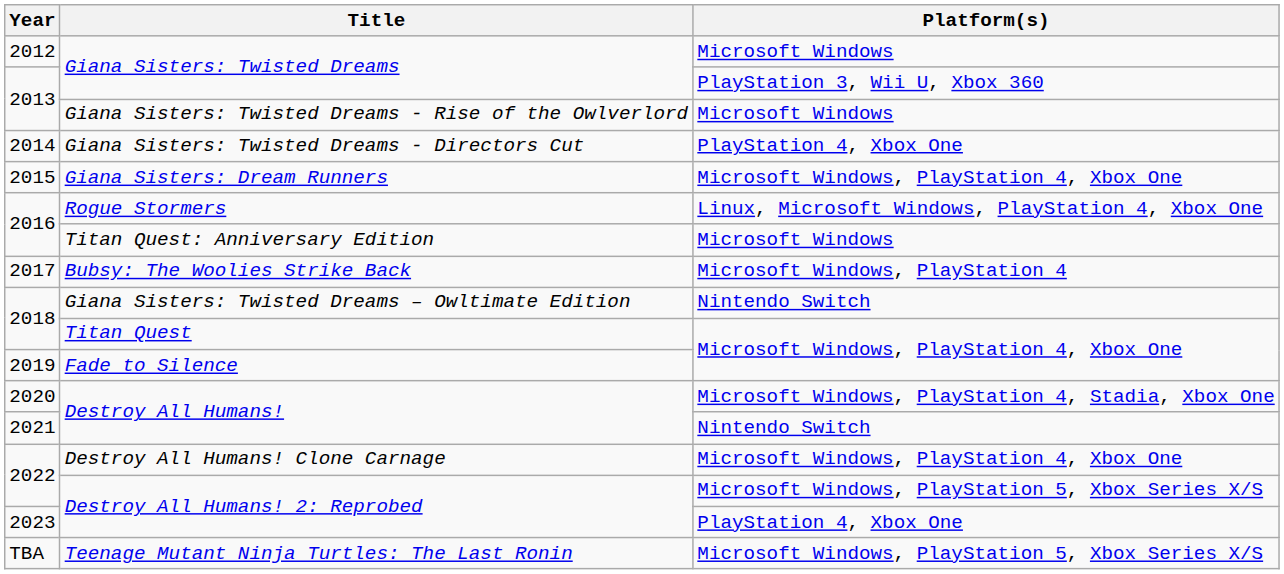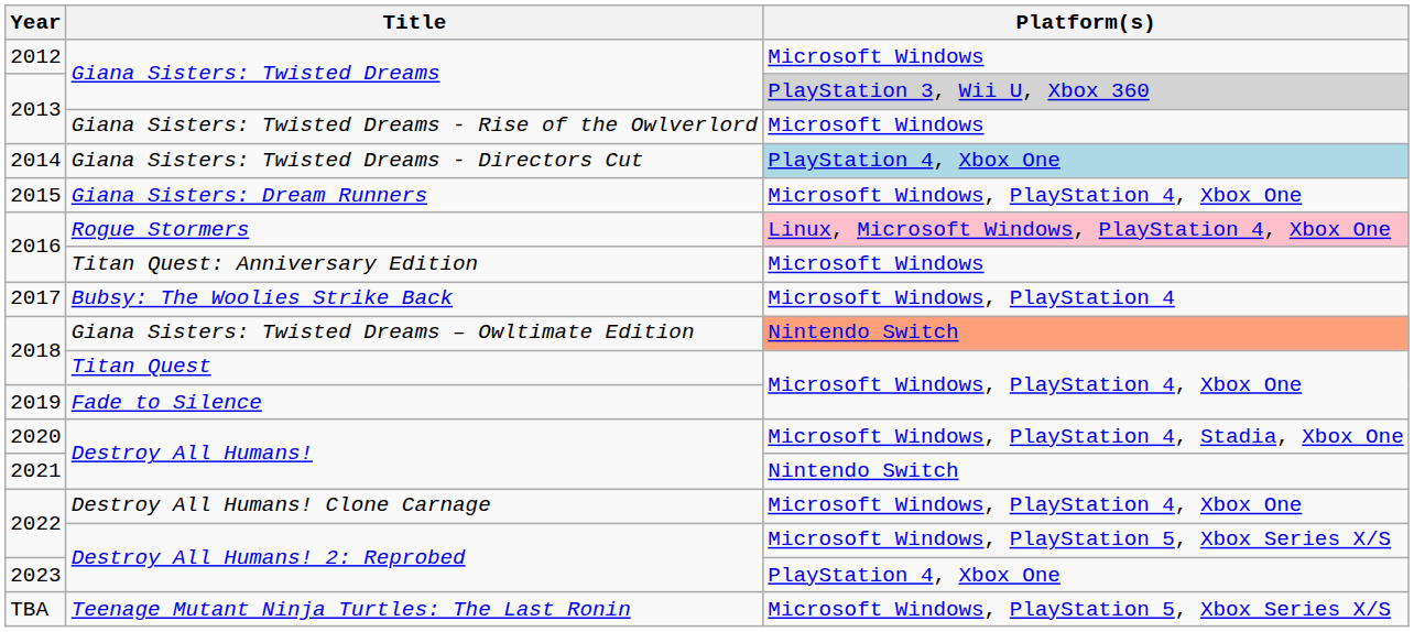 <table class="wikitable sortable">
 <tr>
 <th>Year</th>
 <th>Title</th>
 <th>Platform(s)</th>
 </tr>
 <tr>
 <td>2012</td>
 <td rowspan="2"><em><a href='#'>Giana Sisters: Twisted Dreams</a></em></td>
 <td><a href='#'>Microsoft Windows</a></td>
 </tr>
 <tr>
 <td rowspan="2">2013</td>
-<td><a href='#'>PlayStation 3</a>, <a href='#'>Wii U</a>, <a href='#'>Xbox 360</a></td>
+<td style="background: lightgrey;"><a href='#'>PlayStation 3</a>, <a href='#'>Wii U</a>, <a href='#'>Xbox 360</a></td>
 </tr>
 <tr>
 <td><em>Giana Sisters: Twisted Dreams - Rise of the Owlverlord</em></td>
 <td><a href='#'>Microsoft Windows</a></td>
 </tr>
 <tr>
 <td>2014</td>
 <td><em>Giana Sisters: Twisted Dreams - Directors Cut</em></td>
-<td><a href='#'>PlayStation 4</a>, <a href='#'>Xbox One</a></td>
+<td style="background: lightblue;"><a href='#'>PlayStation 4</a>, <a href='#'>Xbox One</a></td>
 </tr>
 <tr>
 <td>2015</td>
 <td><em><a href='#'>Giana Sisters: Dream Runners</a></em></td>
 <td><a href='#'>Microsoft Windows</a>, <a href='#'>PlayStation 4</a>, <a href='#'>Xbox One</a></td>
 </tr>
 <tr>
 <td rowspan="2">2016</td>
 <td><em><a href='#'>Rogue Stormers</a></em></td>
-<td><a href='#'>Linux</a>, <a href='#'>Microsoft Windows</a>, <a href='#'>PlayStation 4</a>, <a href='#'>Xbox One</a></td>
+<td style="background: pink;"><a href='#'>Linux</a>, <a href='#'>Microsoft Windows</a>, <a href='#'>PlayStation 4</a>, <a href='#'>Xbox One</a></td>
 </tr>
 <tr>
 <td><em>Titan Quest: Anniversary Edition</em></td>
 <td><a href='#'>Microsoft Windows</a></td>
 </tr>
 <tr>
 <td>2017</td>
 <td><em><a href='#'>Bubsy: The Woolies Strike Back</a></em></td>
 <td><a href='#'>Microsoft Windows</a>, <a href='#'>PlayStation 4</a></td>
 </tr>
 <tr>
 <td rowspan="2">2018</td>
 <td><em>Giana Sisters: Twisted Dreams – Owltimate Edition</em></td>
-<td><a href='#'>Nintendo Switch</a></td>
+<td style="background: lightsalmon;"><a href='#'>Nintendo Switch</a></td>
 </tr>
 <tr>
 <td><em><a href='#'>Titan Quest</a></em></td>
 <td rowspan="2"><a href='#'>Microsoft Windows</a>, <a href='#'>PlayStation 4</a>, <a href='#'>Xbox One</a></td>
 </tr>
 <tr>
 <td>2019</td>
 <td><em><a href='#'>Fade to Silence</a></em></td>
 </tr>
 <tr>
 <td>2020</td>
 <td rowspan="2"><em><a href='#'>Destroy All Humans!</a></em></td>
 <td><a href='#'>Microsoft Windows</a>, <a href='#'>PlayStation 4</a>, <a href='#'>Stadia</a>, <a href='#'>Xbox One</a></td>
 </tr>
 <tr>
 <td>2021</td>
 <td><a href='#'>Nintendo Switch</a></td>
 </tr>
 <tr>
 <td rowspan="2">2022</td>
 <td><em>Destroy All Humans! Clone Carnage</em></td>
 <td><a href='#'>Microsoft Windows</a>, <a href='#'>PlayStation 4</a>, <a href='#'>Xbox One</a></td>
 </tr>
 <tr>
 <td rowspan="2"><em><a href='#'>Destroy All Humans! 2: Reprobed</a></em></td>
 <td><a href='#'>Microsoft Windows</a>, <a href='#'>PlayStation 5</a>, <a href='#'>Xbox Series X/S</a></td>
 </tr>
 <tr>
 <td>2023</td>
 <td><a href='#'>PlayStation 4</a>, <a href='#'>Xbox One</a></td>
 </tr>
 <tr>
 <td>TBA</td>
 <td><em><a href='#'>Teenage Mutant Ninja Turtles: The Last Ronin</a></em></td>
 <td><a href='#'>Microsoft Windows</a>, <a href='#'>PlayStation 5</a>, <a href='#'>Xbox Series X/S</a></td>
 </tr>
 </table>
